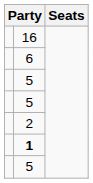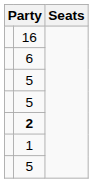 <table class="wikitable" style="font-size: 95%;">
 <tr>
 <th colspan=2>Party</th>
 <th>Seats</th>
 </tr>
 <tr>
 <td></td>
 <td align="center">16</td>
 </tr>
 <tr>
 <td></td>
 <td align="center">6</td>
 </tr>
 <tr>
 <td></td>
 <td align="center">5</td>
 </tr>
 <tr>
 <td></td>
 <td align="center">5</td>
 </tr>
 <tr>
 <td></td>
-<td align="center">2</td>
+<td align="center"><strong>2</strong></td>
 </tr>
 <tr>
 <td></td>
-<td align="center"><strong>1</strong></td>
+<td align="center">1</td>
 </tr>
 <tr>
 <td></td>
 <td align="center">5</td>
 </tr>
 </table>
